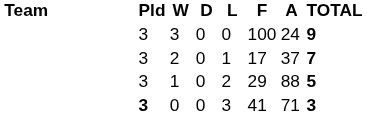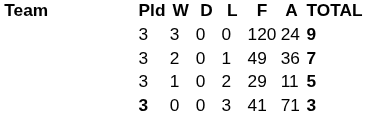 <table>
 <tr>
 <td><br></td>
 </tr>
 <tr border=1 cellpadding=5 cellspacing=0>
 <th width="200">Team</th>
 <th width="20">Pld</th>
 <th width="20">W</th>
 <th width="20">D</th>
 <th width="20">L</th>
 <th width="20">F</th>
 <th width="20">A</th>
 <th width="20">TOTAL</th>
 </tr>
 <tr>
 <td align=left></td>
 <td>3</td>
 <td>3</td>
 <td>0</td>
 <td>0</td>
-<td>100</td>
+<td>120</td>
 <td>24</td>
 <td><strong>9</strong></td>
 </tr>
 <tr>
 <td align=left></td>
 <td>3</td>
 <td>2</td>
 <td>0</td>
 <td>1</td>
-<td>17</td>
-<td>37</td>
+<td>49</td>
+<td>36</td>
 <td><strong>7</strong></td>
 </tr>
 <tr>
 <td align=left></td>
 <td>3</td>
 <td>1</td>
 <td>0</td>
 <td>2</td>
 <td>29</td>
-<td>88</td>
+<td>11</td>
 <td><strong>5</strong></td>
 </tr>
 <tr>
 <td align=left></td>
 <td><strong>3</strong></td>
 <td>0</td>
 <td>0</td>
 <td>3</td>
 <td>41</td>
 <td>71</td>
 <td><strong>3</strong></td>
 </tr>
 </table>
